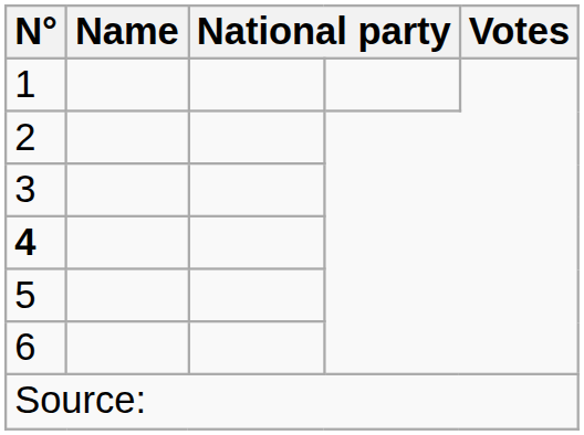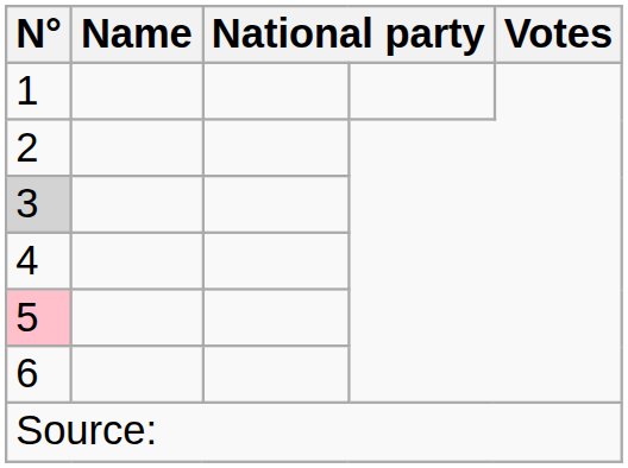 <table class="wikitable sortable" style="font-size:95%;line-height:14px;">
 <tr>
 <th>N°</th>
 <th>Name</th>
 <th colspan="2">National party</th>
 <th>Votes</th>
 </tr>
 <tr>
 <td>1</td>
 <td></td>
 <td></td>
 <td></td>
 </tr>
 <tr>
 <td>2</td>
 <td></td>
 <td></td>
 </tr>
 <tr>
-<td>3</td>
+<td style="background: lightgrey;">3</td>
 <td></td>
 <td></td>
 </tr>
 <tr>
-<td><strong>4</strong></td>
+<td>4</td>
 <td></td>
 <td></td>
 </tr>
 <tr>
-<td>5</td>
+<td style="background: pink;">5</td>
 <td></td>
 <td></td>
 </tr>
 <tr>
 <td>6</td>
 <td></td>
 <td></td>
 </tr>
 <tr>
 <td colspan="5">Source: </td>
 </tr>
 </table>
